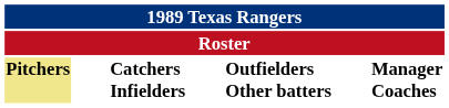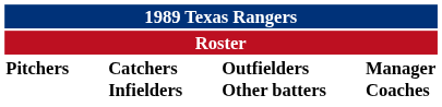 <table class="toccolours" style="font-size: 95%;">
 <tr>
 <th colspan="10" style="background-color: #003279; color: #FFFFFF; text-align: center;">1989 Texas Rangers</th>
 </tr>
 <tr>
 <td colspan="10" style="background-color: #bd1021; color: white; text-align: center;"><strong>Roster</strong></td>
 </tr>
 <tr>
-<td valign="top" style="background: khaki;"><strong>Pitchers</strong><br>                </td>
+<td valign="top"><strong>Pitchers</strong><br>                </td>
 <td width="25px"></td>
 <td valign="top"><strong>Catchers</strong><br>    <strong>Infielders</strong>          </td>
 <td width="25px"></td>
 <td valign="top"><strong>Outfielders</strong><br>         <strong>Other batters</strong> </td>
 <td width="25px"></td>
 <td valign="top"><strong>Manager</strong><br> <strong>Coaches</strong>      </td>
 </tr>
 </table>
